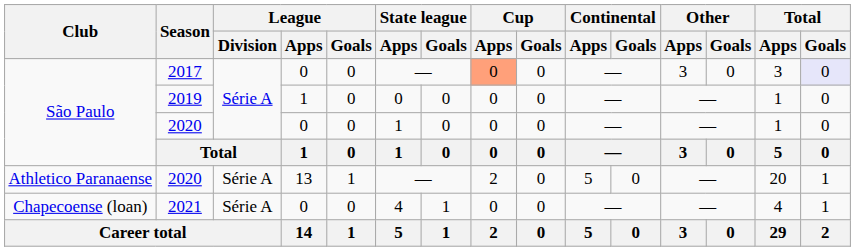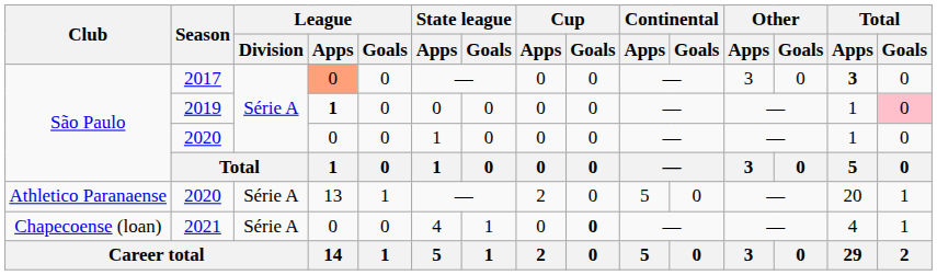 <table class="wikitable" style="text-align: center">
 <tr>
 <th rowspan="2">Club</th>
 <th rowspan="2">Season</th>
 <th colspan="3">League</th>
 <th colspan="2">State league</th>
 <th colspan="2">Cup</th>
 <th colspan="2">Continental</th>
 <th colspan="2">Other</th>
 <th colspan="2">Total</th>
 </tr>
 <tr>
 <th>Division</th>
 <th>Apps</th>
 <th>Goals</th>
 <th>Apps</th>
 <th>Goals</th>
 <th>Apps</th>
 <th>Goals</th>
 <th>Apps</th>
 <th>Goals</th>
 <th>Apps</th>
 <th>Goals</th>
 <th>Apps</th>
 <th>Goals</th>
 </tr>
 <tr>
 <td rowspan="4"><a href='#'>São Paulo</a></td>
 <td><a href='#'>2017</a></td>
 <td rowspan="3"><a href='#'>Série A</a></td>
-<td>0</td>
+<td style="background: lightsalmon;">0</td>
 <td>0</td>
 <td colspan="2">—</td>
-<td style="background: lightsalmon;">0</td>
+<td>0</td>
 <td>0</td>
 <td colspan="2">—</td>
 <td>3</td>
 <td>0</td>
-<td>3</td>
-<td style="background: lavender;">0</td>
+<td><strong>3</strong></td>
+<td>0</td>
 </tr>
 <tr>
 <td><a href='#'>2019</a></td>
-<td>1</td>
+<td><strong>1</strong></td>
 <td>0</td>
 <td>0</td>
 <td>0</td>
 <td>0</td>
 <td>0</td>
 <td colspan="2">—</td>
 <td colspan="2">—</td>
 <td>1</td>
-<td>0</td>
+<td style="background: pink;">0</td>
 </tr>
 <tr>
 <td><a href='#'>2020</a></td>
 <td>0</td>
 <td>0</td>
 <td>1</td>
 <td>0</td>
 <td>0</td>
 <td>0</td>
 <td colspan="2">—</td>
 <td colspan="2">—</td>
 <td>1</td>
 <td>0</td>
 </tr>
 <tr>
 <th colspan="2">Total</th>
 <th>1</th>
 <th>0</th>
 <th>1</th>
 <th>0</th>
 <th>0</th>
 <th>0</th>
 <th colspan="2">—</th>
 <th>3</th>
 <th>0</th>
 <th>5</th>
 <th>0</th>
 </tr>
 <tr>
 <td><a href='#'>Athletico Paranaense</a></td>
 <td><a href='#'>2020</a></td>
 <td>Série A</td>
 <td>13</td>
 <td>1</td>
 <td colspan="2">—</td>
 <td>2</td>
 <td>0</td>
 <td>5</td>
 <td>0</td>
 <td colspan="2">—</td>
 <td>20</td>
 <td>1</td>
 </tr>
 <tr>
 <td><a href='#'>Chapecoense</a> (loan)</td>
 <td><a href='#'>2021</a></td>
 <td>Série A</td>
 <td>0</td>
 <td>0</td>
 <td>4</td>
 <td>1</td>
 <td>0</td>
-<td>0</td>
+<td><strong>0</strong></td>
 <td colspan="2">—</td>
 <td colspan="2">—</td>
 <td>4</td>
 <td>1</td>
 </tr>
 <tr>
 <th colspan="3"><strong>Career total</strong></th>
 <th>14</th>
 <th>1</th>
 <th>5</th>
 <th>1</th>
 <th>2</th>
 <th>0</th>
 <th>5</th>
 <th>0</th>
 <th>3</th>
 <th>0</th>
 <th>29</th>
 <th>2</th>
 </tr>
 </table>
